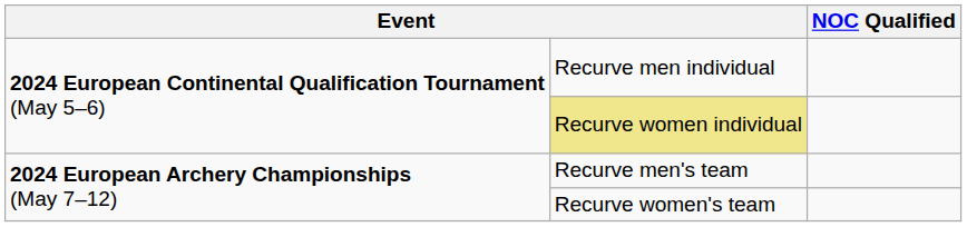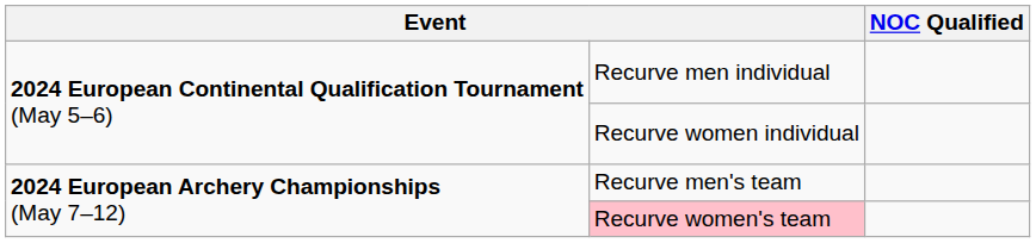 <table class="wikitable">
 <tr>
 <th colspan=2>Event</th>
 <th><a href='#'>NOC</a> Qualified</th>
 </tr>
 <tr>
 <td rowspan=2><strong>2024 European Continental Qualification Tournament</strong><br>(May 5–6)</td>
 <td>Recurve men individual</td>
 <td><br><br></td>
 </tr>
 <tr>
-<td style="background: khaki;">Recurve women individual</td>
+<td>Recurve women individual</td>
 <td><br><br></td>
 </tr>
 <tr>
 <td rowspan=2><strong>2024 European Archery Championships</strong><br>(May 7–12)</td>
 <td>Recurve men's team</td>
 <td></td>
 </tr>
 <tr>
-<td>Recurve women's team</td>
+<td style="background: pink;">Recurve women's team</td>
 <td></td>
 </tr>
 </table>
